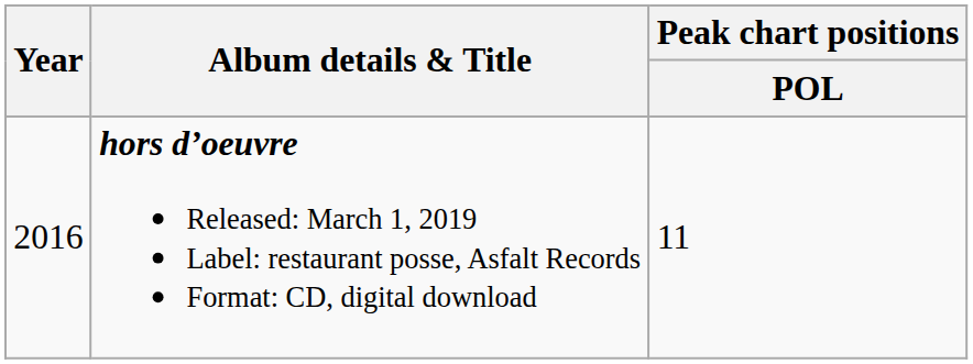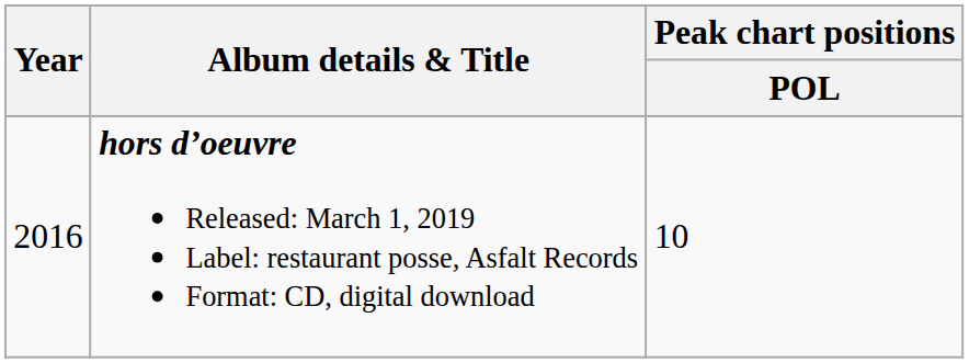 <table class="wikitable">
 <tr>
 <th rowspan="2">Year</th>
 <th rowspan="2"><strong>Album details & Title</strong></th>
 <th><strong>Peak chart positions</strong></th>
 </tr>
 <tr>
 <th>POL<br></th>
 </tr>
 <tr>
 <td>2016</td>
 <td><strong><em>hors d’oeuvre</em></strong><br><ul><li><small>Released: March 1, 2019</small></li><li><small>Label: restaurant posse, Asfalt Records</small></li><li><small>Format: CD, digital download</small></li></ul></td>
-<td>11</td>
+<td>10</td>
 </tr>
 </table>
